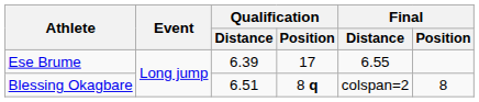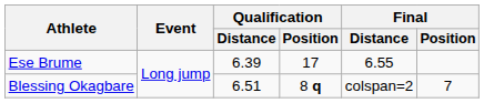 <table class=wikitable style="font-size:90%">
 <tr>
 <th rowspan="2">Athlete</th>
 <th rowspan="2">Event</th>
 <th colspan="2">Qualification</th>
 <th colspan="2">Final</th>
 </tr>
 <tr style="font-size:95%">
 <th>Distance</th>
 <th>Position</th>
 <th>Distance</th>
 <th>Position</th>
 </tr>
 <tr style=text-align:center>
 <td style=text-align:left><a href='#'>Ese Brume</a></td>
 <td style=text-align:left rowspan=2><a href='#'>Long jump</a></td>
 <td>6.39</td>
 <td>17</td>
 <td>6.55</td>
 </tr>
 <tr style=text-align:center>
 <td style=text-align:left><a href='#'>Blessing Okagbare</a></td>
 <td>6.51</td>
 <td>8 <strong>q</strong></td>
 <td>colspan=2 </td>
-<td>8</td>
+<td>7</td>
 </tr>
 </table>
